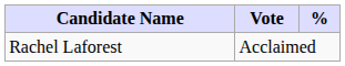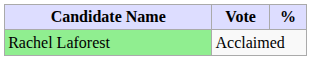 <table class="wikitable sortable">
 <tr>
 <th style="background:#ddf; width:200px;">Candidate Name</th>
 <th style="background:#ddf; width:50px;">Vote</th>
 <th style="background:#ddf; width:30px;">%</th>
 </tr>
 <tr>
-<td>Rachel Laforest</td>
+<td style="background: lightgreen;">Rachel Laforest</td>
 <td colspan="3">Acclaimed</td>
 </tr>
 </table>
